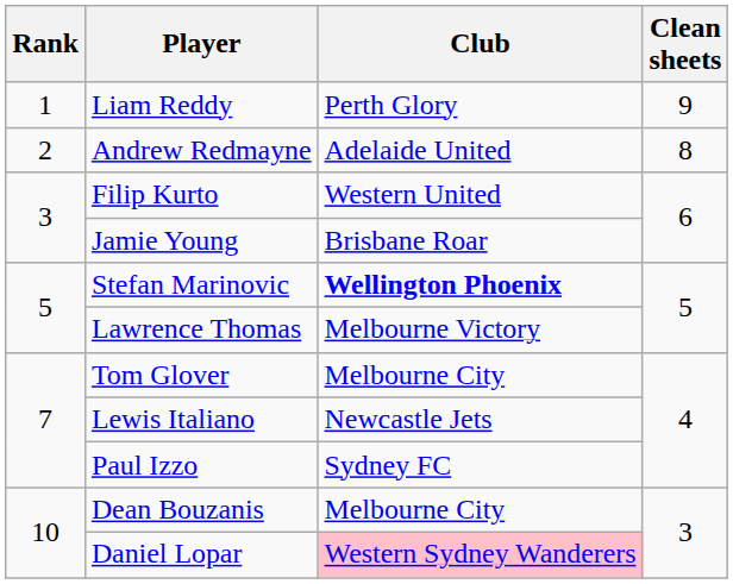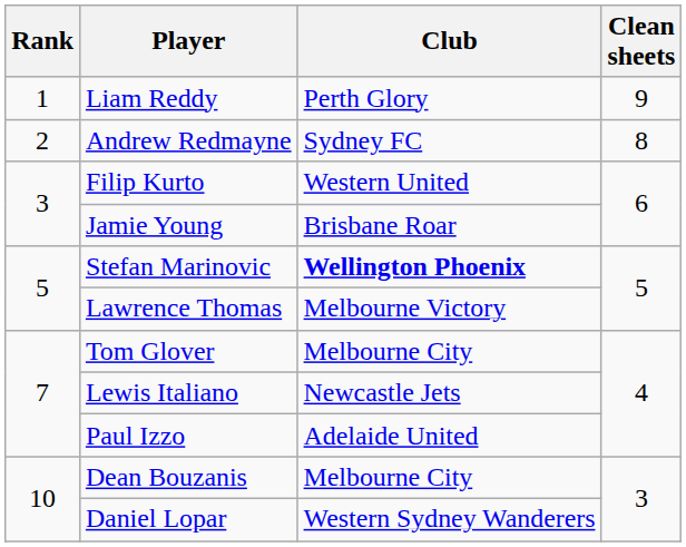 <table class="wikitable" style="text-align:center">
 <tr>
 <th>Rank</th>
 <th>Player</th>
 <th>Club</th>
 <th>Clean<br>sheets</th>
 </tr>
 <tr>
 <td>1</td>
 <td align="left"> <a href='#'>Liam Reddy</a></td>
 <td align="left"><a href='#'>Perth Glory</a></td>
 <td>9</td>
 </tr>
 <tr>
 <td>2</td>
 <td align="left"> <a href='#'>Andrew Redmayne</a></td>
-<td align="left"><a href='#'>Adelaide United</a></td>
+<td align="left"><a href='#'>Sydney FC</a></td>
 <td>8</td>
 </tr>
 <tr>
 <td rowspan=2>3</td>
 <td align="left"> <a href='#'>Filip Kurto</a></td>
 <td align="left"><a href='#'>Western United</a></td>
 <td rowspan=2>6</td>
 </tr>
 <tr>
 <td align="left"> <a href='#'>Jamie Young</a></td>
 <td align="left"><a href='#'>Brisbane Roar</a></td>
 </tr>
 <tr>
 <td rowspan=2>5</td>
 <td align="left"> <a href='#'>Stefan Marinovic</a></td>
 <td align="left"><strong><a href='#'>Wellington Phoenix</a></strong></td>
 <td rowspan=2>5</td>
 </tr>
 <tr>
 <td align="left"> <a href='#'>Lawrence Thomas</a></td>
 <td align="left"><a href='#'>Melbourne Victory</a></td>
 </tr>
 <tr>
 <td rowspan=3>7</td>
 <td align="left"> <a href='#'>Tom Glover</a></td>
 <td align="left"><a href='#'>Melbourne City</a></td>
 <td rowspan=3>4</td>
 </tr>
 <tr>
 <td align="left"> <a href='#'>Lewis Italiano</a></td>
 <td align="left"><a href='#'>Newcastle Jets</a></td>
 </tr>
 <tr>
 <td align="left"> <a href='#'>Paul Izzo</a></td>
-<td align="left"><a href='#'>Sydney FC</a></td>
+<td align="left"><a href='#'>Adelaide United</a></td>
 </tr>
 <tr>
 <td rowspan=3>10</td>
 <td align="left"> <a href='#'>Dean Bouzanis</a></td>
 <td align="left"><a href='#'>Melbourne City</a></td>
 <td rowspan=3>3</td>
 </tr>
 <tr>
 <td align="left"> <a href='#'>Daniel Lopar</a></td>
-<td align="left" style="background: pink;"><a href='#'>Western Sydney Wanderers</a></td>
+<td align="left"><a href='#'>Western Sydney Wanderers</a></td>
 </tr>
 </table>
